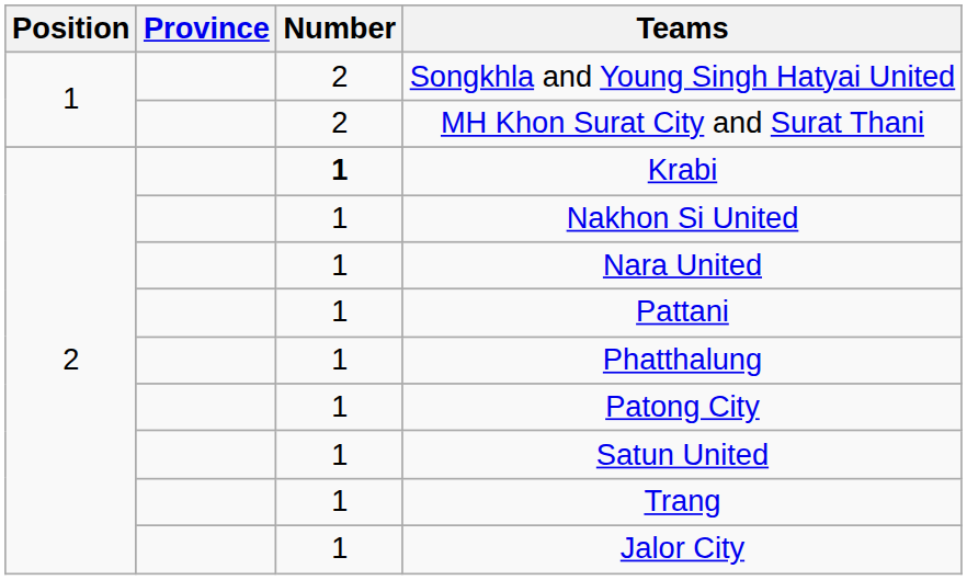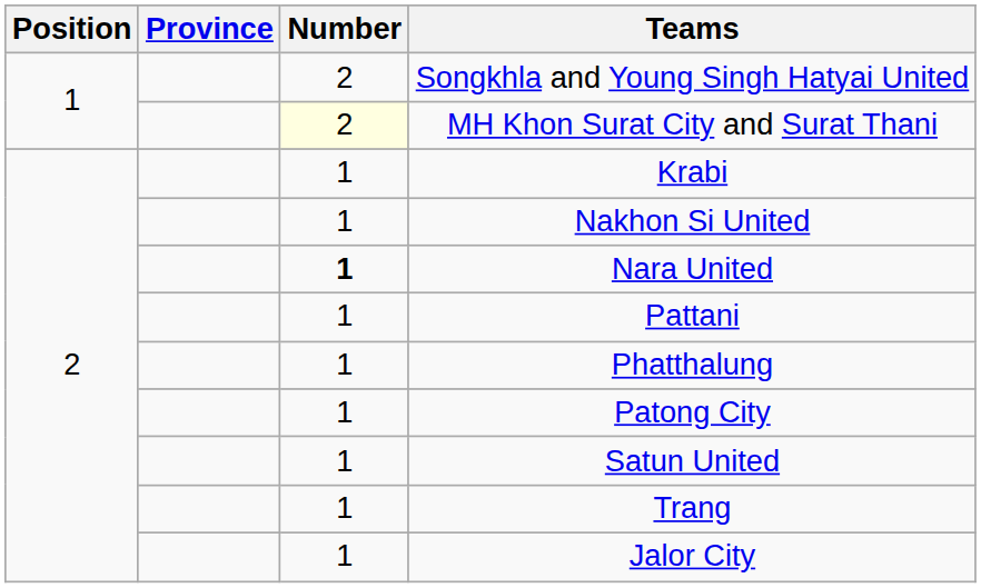 <table class="wikitable">
 <tr>
 <th>Position</th>
 <th><a href='#'>Province</a></th>
 <th>Number</th>
 <th>Teams</th>
 </tr>
 <tr>
 <td align=center rowspan="2">1</td>
 <td></td>
 <td align=center>2</td>
 <td align=center><a href='#'>Songkhla</a> and <a href='#'>Young Singh Hatyai United</a></td>
 </tr>
 <tr>
 <td></td>
-<td align=center>2</td>
+<td align=center style="background: lightyellow;">2</td>
 <td align=center><a href='#'>MH Khon Surat City</a> and <a href='#'>Surat Thani</a></td>
 </tr>
 <tr>
 <td align=center rowspan="9">2</td>
 <td></td>
-<td align=center><strong>1</strong></td>
+<td align=center>1</td>
 <td align=center><a href='#'>Krabi</a></td>
 </tr>
 <tr>
 <td></td>
 <td align=center>1</td>
 <td align=center><a href='#'>Nakhon Si United</a></td>
 </tr>
 <tr>
 <td></td>
-<td align=center>1</td>
+<td align=center><strong>1</strong></td>
 <td align=center><a href='#'>Nara United</a></td>
 </tr>
 <tr>
 <td></td>
 <td align=center>1</td>
 <td align=center><a href='#'>Pattani</a></td>
 </tr>
 <tr>
 <td></td>
 <td align=center>1</td>
 <td align=center><a href='#'>Phatthalung</a></td>
 </tr>
 <tr>
 <td></td>
 <td align=center>1</td>
 <td align=center><a href='#'>Patong City</a></td>
 </tr>
 <tr>
 <td></td>
 <td align=center>1</td>
 <td align=center><a href='#'>Satun United</a></td>
 </tr>
 <tr>
 <td></td>
 <td align=center>1</td>
 <td align=center><a href='#'>Trang</a></td>
 </tr>
 <tr>
 <td></td>
 <td align=center>1</td>
 <td align=center><a href='#'>Jalor City</a></td>
 </tr>
 </table>
